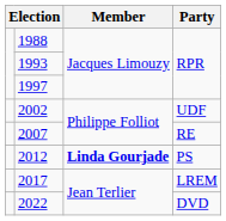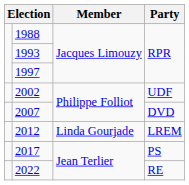 <table class="wikitable">
 <tr>
 <th colspan=2>Election</th>
 <th>Member</th>
 <th>Party</th>
 </tr>
 <tr>
 <td rowspan="3" style="background-color: "></td>
 <td><a href='#'>1988</a></td>
 <td rowspan="3"><a href='#'>Jacques Limouzy</a></td>
 <td rowspan="3"><a href='#'>RPR</a></td>
 </tr>
 <tr>
 <td><a href='#'>1993</a></td>
 </tr>
 <tr>
 <td><a href='#'>1997</a></td>
 </tr>
 <tr>
 <td style="background-color: "></td>
 <td><a href='#'>2002</a></td>
 <td rowspan="2"><a href='#'>Philippe Folliot</a></td>
 <td><a href='#'>UDF</a></td>
 </tr>
 <tr>
 <td style="background-color: "></td>
 <td><a href='#'>2007</a></td>
-<td><a href='#'>RE</a></td>
+<td><a href='#'>DVD</a></td>
 </tr>
 <tr>
 <td style="background-color: "></td>
 <td><a href='#'>2012</a></td>
-<td><strong><a href='#'>Linda Gourjade</a></strong></td>
-<td><a href='#'>PS</a></td>
+<td><a href='#'>Linda Gourjade</a></td>
+<td><a href='#'>LREM</a></td>
 </tr>
 <tr>
 <td style="background-color: "></td>
 <td><a href='#'>2017</a></td>
 <td rowspan="2"><a href='#'>Jean Terlier</a></td>
-<td><a href='#'>LREM</a></td>
+<td><a href='#'>PS</a></td>
 </tr>
 <tr>
 <td style="background-color: "></td>
 <td><a href='#'>2022</a></td>
-<td><a href='#'>DVD</a></td>
+<td><a href='#'>RE</a></td>
 </tr>
 </table>
